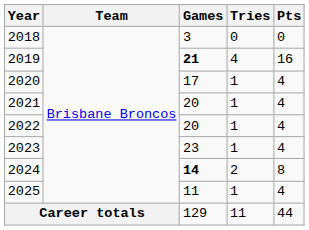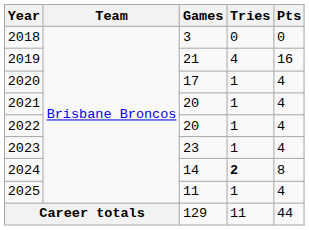 <table class="wikitable">
 <tr>
 <th>Year</th>
 <th>Team</th>
 <th>Games</th>
 <th>Tries</th>
 <th>Pts</th>
 </tr>
 <tr>
 <td>2018</td>
 <td rowspan="8"> <a href='#'>Brisbane Broncos</a></td>
 <td>3</td>
 <td>0</td>
 <td>0</td>
 </tr>
 <tr>
 <td>2019</td>
-<td><strong>21</strong></td>
+<td>21</td>
 <td>4</td>
 <td>16</td>
 </tr>
 <tr>
 <td>2020</td>
 <td>17</td>
 <td>1</td>
 <td>4</td>
 </tr>
 <tr>
 <td>2021</td>
 <td>20</td>
 <td>1</td>
 <td>4</td>
 </tr>
 <tr>
 <td>2022</td>
 <td>20</td>
 <td>1</td>
 <td>4</td>
 </tr>
 <tr>
 <td>2023</td>
 <td>23</td>
 <td>1</td>
 <td>4</td>
 </tr>
 <tr>
 <td>2024</td>
-<td><strong>14</strong></td>
-<td>2</td>
+<td>14</td>
+<td><strong>2</strong></td>
 <td>8</td>
 </tr>
 <tr>
 <td>2025</td>
 <td>11</td>
 <td>1</td>
 <td>4</td>
 </tr>
 <tr>
 <th colspan="2">Career totals</th>
 <td>129</td>
 <td>11</td>
 <td>44</td>
 </tr>
 </table>
